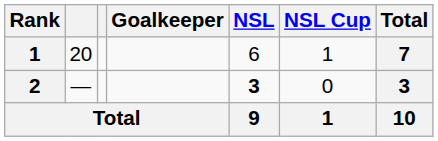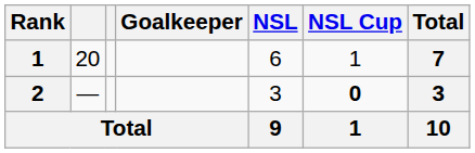 <table class="wikitable sortable" style="text-align:center">
 <tr>
 <th>Rank</th>
 <th></th>
 <th></th>
 <th>Goalkeeper</th>
 <th><a href='#'>NSL</a></th>
 <th><a href='#'>NSL Cup</a></th>
 <th>Total</th>
 </tr>
 <tr>
 <th>1</th>
 <td>20</td>
 <td></td>
 <td align="left"></td>
 <td>6</td>
 <td>1</td>
 <th>7</th>
 </tr>
 <tr>
 <th>2</th>
 <td>—</td>
 <td></td>
 <td align="left"></td>
-<td><strong>3</strong></td>
-<td>0</td>
+<td>3</td>
+<td><strong>0</strong></td>
 <th>3</th>
 </tr>
 <tr>
 <th colspan="4">Total</th>
 <th>9</th>
 <th>1</th>
 <th>10</th>
 </tr>
 </table>
